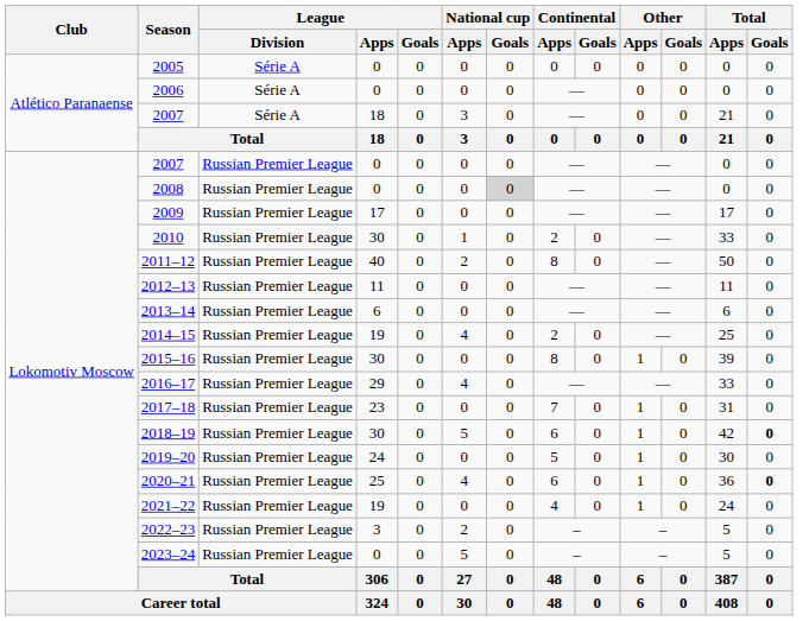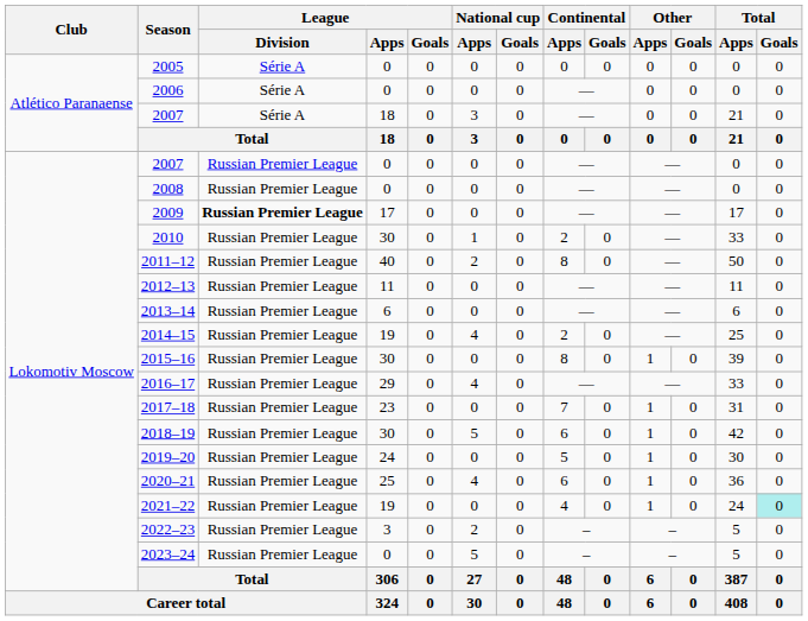 <table class="wikitable" style="text-align: center;">
 <tr>
 <th rowspan="2">Club</th>
 <th rowspan="2">Season</th>
 <th colspan="3">League</th>
 <th colspan="2">National cup</th>
 <th colspan="2">Continental</th>
 <th colspan="2">Other</th>
 <th colspan="2">Total</th>
 </tr>
 <tr>
 <th>Division</th>
 <th>Apps</th>
 <th>Goals</th>
 <th>Apps</th>
 <th>Goals</th>
 <th>Apps</th>
 <th>Goals</th>
 <th>Apps</th>
 <th>Goals</th>
 <th>Apps</th>
 <th>Goals</th>
 </tr>
 <tr>
 <td rowspan="4"><a href='#'>Atlético Paranaense</a></td>
 <td><a href='#'>2005</a></td>
 <td><a href='#'>Série A</a></td>
 <td>0</td>
 <td>0</td>
 <td>0</td>
 <td>0</td>
 <td>0</td>
 <td>0</td>
 <td>0</td>
 <td>0</td>
 <td>0</td>
 <td>0</td>
 </tr>
 <tr>
 <td><a href='#'>2006</a></td>
 <td>Série A</td>
 <td>0</td>
 <td>0</td>
 <td>0</td>
 <td>0</td>
 <td colspan="2">—</td>
 <td>0</td>
 <td>0</td>
 <td>0</td>
 <td>0</td>
 </tr>
 <tr>
 <td><a href='#'>2007</a></td>
 <td>Série A</td>
 <td>18</td>
 <td>0</td>
 <td>3</td>
 <td>0</td>
 <td colspan="2">—</td>
 <td>0</td>
 <td>0</td>
 <td>21</td>
 <td>0</td>
 </tr>
 <tr>
 <th colspan="2">Total</th>
 <th>18</th>
 <th>0</th>
 <th>3</th>
 <th>0</th>
 <th>0</th>
 <th>0</th>
 <th>0</th>
 <th>0</th>
 <th>21</th>
 <th>0</th>
 </tr>
 <tr>
 <td rowspan="18"><a href='#'>Lokomotiv Moscow</a></td>
 <td><a href='#'>2007</a></td>
 <td><a href='#'>Russian Premier League</a></td>
 <td>0</td>
 <td>0</td>
 <td>0</td>
 <td>0</td>
 <td colspan="2">—</td>
 <td colspan="2">—</td>
 <td>0</td>
 <td>0</td>
 </tr>
 <tr>
 <td><a href='#'>2008</a></td>
 <td>Russian Premier League</td>
 <td>0</td>
 <td>0</td>
 <td>0</td>
-<td style="background: lightgrey;">0</td>
+<td>0</td>
 <td colspan="2">—</td>
 <td colspan="2">—</td>
 <td>0</td>
 <td>0</td>
 </tr>
 <tr>
 <td><a href='#'>2009</a></td>
-<td>Russian Premier League</td>
+<td><strong>Russian Premier League</strong></td>
 <td>17</td>
 <td>0</td>
 <td>0</td>
 <td>0</td>
 <td colspan="2">—</td>
 <td colspan="2">—</td>
 <td>17</td>
 <td>0</td>
 </tr>
 <tr>
 <td><a href='#'>2010</a></td>
 <td>Russian Premier League</td>
 <td>30</td>
 <td>0</td>
 <td>1</td>
 <td>0</td>
 <td>2</td>
 <td>0</td>
 <td colspan="2">—</td>
 <td>33</td>
 <td>0</td>
 </tr>
 <tr>
 <td><a href='#'>2011–12</a></td>
 <td>Russian Premier League</td>
 <td>40</td>
 <td>0</td>
 <td>2</td>
 <td>0</td>
 <td>8</td>
 <td>0</td>
 <td colspan="2">—</td>
 <td>50</td>
 <td>0</td>
 </tr>
 <tr>
 <td><a href='#'>2012–13</a></td>
 <td>Russian Premier League</td>
 <td>11</td>
 <td>0</td>
 <td>0</td>
 <td>0</td>
 <td colspan="2">—</td>
 <td colspan="2">—</td>
 <td>11</td>
 <td>0</td>
 </tr>
 <tr>
 <td><a href='#'>2013–14</a></td>
 <td>Russian Premier League</td>
 <td>6</td>
 <td>0</td>
 <td>0</td>
 <td>0</td>
 <td colspan="2">—</td>
 <td colspan="2">—</td>
 <td>6</td>
 <td>0</td>
 </tr>
 <tr>
 <td><a href='#'>2014–15</a></td>
 <td>Russian Premier League</td>
 <td>19</td>
 <td>0</td>
 <td>4</td>
 <td>0</td>
 <td>2</td>
 <td>0</td>
 <td colspan="2">—</td>
 <td>25</td>
 <td>0</td>
 </tr>
 <tr>
 <td><a href='#'>2015–16</a></td>
 <td>Russian Premier League</td>
 <td>30</td>
 <td>0</td>
 <td>0</td>
 <td>0</td>
 <td>8</td>
 <td>0</td>
 <td>1</td>
 <td>0</td>
 <td>39</td>
 <td>0</td>
 </tr>
 <tr>
 <td><a href='#'>2016–17</a></td>
 <td>Russian Premier League</td>
 <td>29</td>
 <td>0</td>
 <td>4</td>
 <td>0</td>
 <td colspan="2">—</td>
 <td colspan="2">—</td>
 <td>33</td>
 <td>0</td>
 </tr>
 <tr>
 <td><a href='#'>2017–18</a></td>
 <td>Russian Premier League</td>
 <td>23</td>
 <td>0</td>
 <td>0</td>
 <td>0</td>
 <td>7</td>
 <td>0</td>
 <td>1</td>
 <td>0</td>
 <td>31</td>
 <td>0</td>
 </tr>
 <tr>
 <td><a href='#'>2018–19</a></td>
 <td>Russian Premier League</td>
 <td>30</td>
 <td>0</td>
 <td>5</td>
 <td>0</td>
 <td>6</td>
 <td>0</td>
 <td>1</td>
 <td>0</td>
 <td>42</td>
-<td><strong>0</strong></td>
+<td>0</td>
 </tr>
 <tr>
 <td><a href='#'>2019–20</a></td>
 <td>Russian Premier League</td>
 <td>24</td>
 <td>0</td>
 <td>0</td>
 <td>0</td>
 <td>5</td>
 <td>0</td>
 <td>1</td>
 <td>0</td>
 <td>30</td>
 <td>0</td>
 </tr>
 <tr>
 <td><a href='#'>2020–21</a></td>
 <td>Russian Premier League</td>
 <td>25</td>
 <td>0</td>
 <td>4</td>
 <td>0</td>
 <td>6</td>
 <td>0</td>
 <td>1</td>
 <td>0</td>
 <td>36</td>
-<td><strong>0</strong></td>
+<td>0</td>
 </tr>
 <tr>
 <td><a href='#'>2021–22</a></td>
 <td>Russian Premier League</td>
 <td>19</td>
 <td>0</td>
 <td>0</td>
 <td>0</td>
 <td>4</td>
 <td>0</td>
 <td>1</td>
 <td>0</td>
 <td>24</td>
-<td>0</td>
+<td style="background: paleturquoise;">0</td>
 </tr>
 <tr>
 <td><a href='#'>2022–23</a></td>
 <td>Russian Premier League</td>
 <td>3</td>
 <td>0</td>
 <td>2</td>
 <td>0</td>
 <td colspan=2>–</td>
 <td colspan=2>–</td>
 <td>5</td>
 <td>0</td>
 </tr>
 <tr>
 <td><a href='#'>2023–24</a></td>
 <td>Russian Premier League</td>
 <td>0</td>
 <td>0</td>
 <td>5</td>
 <td>0</td>
 <td colspan=2>–</td>
 <td colspan=2>–</td>
 <td>5</td>
 <td>0</td>
 </tr>
 <tr>
 <th colspan="2">Total</th>
 <th>306</th>
 <th>0</th>
 <th>27</th>
 <th>0</th>
 <th>48</th>
 <th>0</th>
 <th>6</th>
 <th>0</th>
 <th>387</th>
 <th>0</th>
 </tr>
 <tr>
 <th colspan="3">Career total</th>
 <th>324</th>
 <th>0</th>
 <th>30</th>
 <th>0</th>
 <th>48</th>
 <th>0</th>
 <th>6</th>
 <th>0</th>
 <th>408</th>
 <th>0</th>
 </tr>
 </table>
